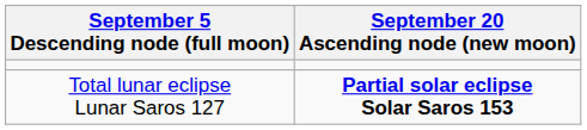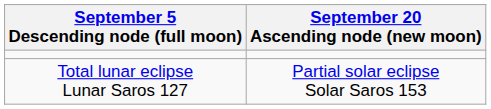 <table class="wikitable">
 <tr>
 <th><a href='#'>September 5</a><br>Descending node (full moon)</th>
 <th><a href='#'>September 20</a><br>Ascending node (new moon)<br></th>
 </tr>
 <tr>
 <td></td>
 <td></td>
 </tr>
 <tr align=center>
 <td><a href='#'>Total lunar eclipse</a><br>Lunar Saros 127</td>
-<td><strong><a href='#'>Partial solar eclipse</a><br>Solar Saros 153</strong></td>
+<td><a href='#'>Partial solar eclipse</a><br>Solar Saros 153</td>
 </tr>
 </table>
